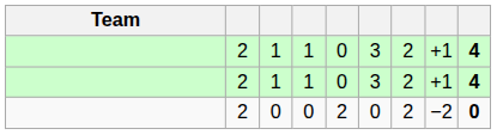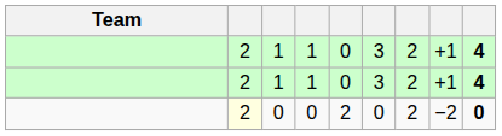 <table class="wikitable" style="text-align:center;">
 <tr>
 <th width=175>Team</th>
 <th width=20></th>
 <th width=20></th>
 <th width=20></th>
 <th width=20></th>
 <th width=20></th>
 <th width=20></th>
 <th width=20></th>
 <th width=20></th>
 </tr>
 <tr bgcolor="#ccffcc">
 <td align=left></td>
 <td>2</td>
 <td>1</td>
 <td>1</td>
 <td>0</td>
 <td>3</td>
 <td>2</td>
 <td>+1</td>
 <td><strong>4</strong></td>
 </tr>
 <tr bgcolor="#ccffcc">
 <td align=left></td>
 <td>2</td>
 <td>1</td>
 <td>1</td>
 <td>0</td>
 <td>3</td>
 <td>2</td>
 <td>+1</td>
 <td><strong>4</strong></td>
 </tr>
 <tr>
 <td align=left></td>
-<td>2</td>
+<td style="background: lightyellow;">2</td>
 <td>0</td>
 <td>0</td>
 <td>2</td>
 <td>0</td>
 <td>2</td>
 <td>−2</td>
 <td><strong>0</strong></td>
 </tr>
 </table>
